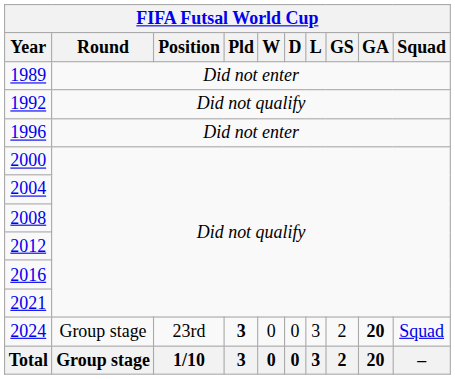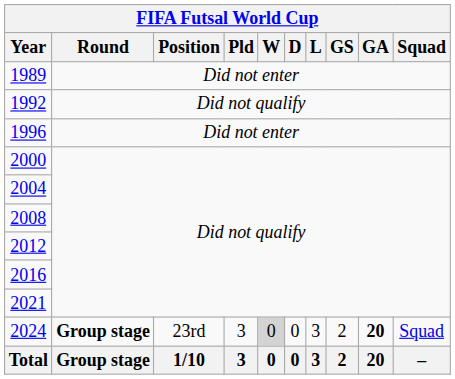 <table class="wikitable" style="text-align: center">
 <tr>
 <th colspan="10"><a href='#'>FIFA Futsal World Cup</a></th>
 </tr>
 <tr>
 <th>Year</th>
 <th>Round</th>
 <th>Position</th>
 <th>Pld</th>
 <th>W</th>
 <th>D</th>
 <th>L</th>
 <th>GS</th>
 <th>GA</th>
 <th>Squad</th>
 </tr>
 <tr>
 <td> <a href='#'>1989</a></td>
 <td colspan="9"><em>Did not enter</em></td>
 </tr>
 <tr>
 <td> <a href='#'>1992</a></td>
 <td colspan="9"><em>Did not qualify</em></td>
 </tr>
 <tr>
 <td> <a href='#'>1996</a></td>
 <td colspan="9"><em>Did not enter</em></td>
 </tr>
 <tr>
 <td> <a href='#'>2000</a></td>
 <td colspan="9" rowspan="6"><em>Did not qualify</em></td>
 </tr>
 <tr>
 <td> <a href='#'>2004</a></td>
 </tr>
 <tr>
 <td> <a href='#'>2008</a></td>
 </tr>
 <tr>
 <td> <a href='#'>2012</a></td>
 </tr>
 <tr>
 <td> <a href='#'>2016</a></td>
 </tr>
 <tr>
 <td> <a href='#'>2021</a></td>
 </tr>
 <tr>
 <td> <a href='#'>2024</a></td>
-<td>Group stage</td>
+<td><strong>Group stage</strong></td>
 <td>23rd</td>
-<td><strong>3</strong></td>
-<td>0</td>
+<td>3</td>
+<td style="background: lightgrey;">0</td>
 <td>0</td>
 <td>3</td>
 <td>2</td>
 <td><strong>20</strong></td>
 <td><a href='#'>Squad</a></td>
 </tr>
 <tr>
 <th>Total</th>
 <th>Group stage</th>
 <th>1/10</th>
 <th>3</th>
 <th>0</th>
 <th>0</th>
 <th>3</th>
 <th>2</th>
 <th>20</th>
 <th>–</th>
 </tr>
 </table>
